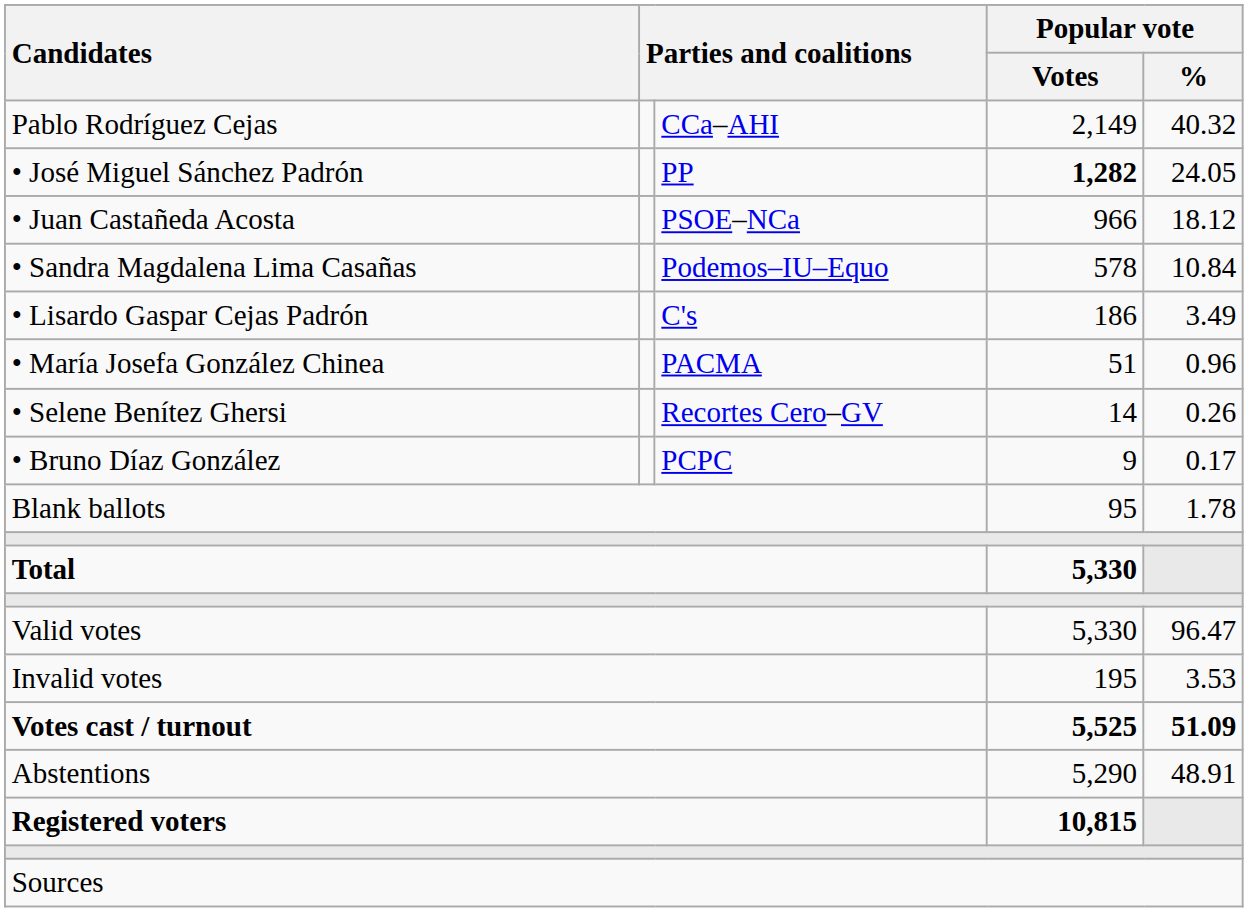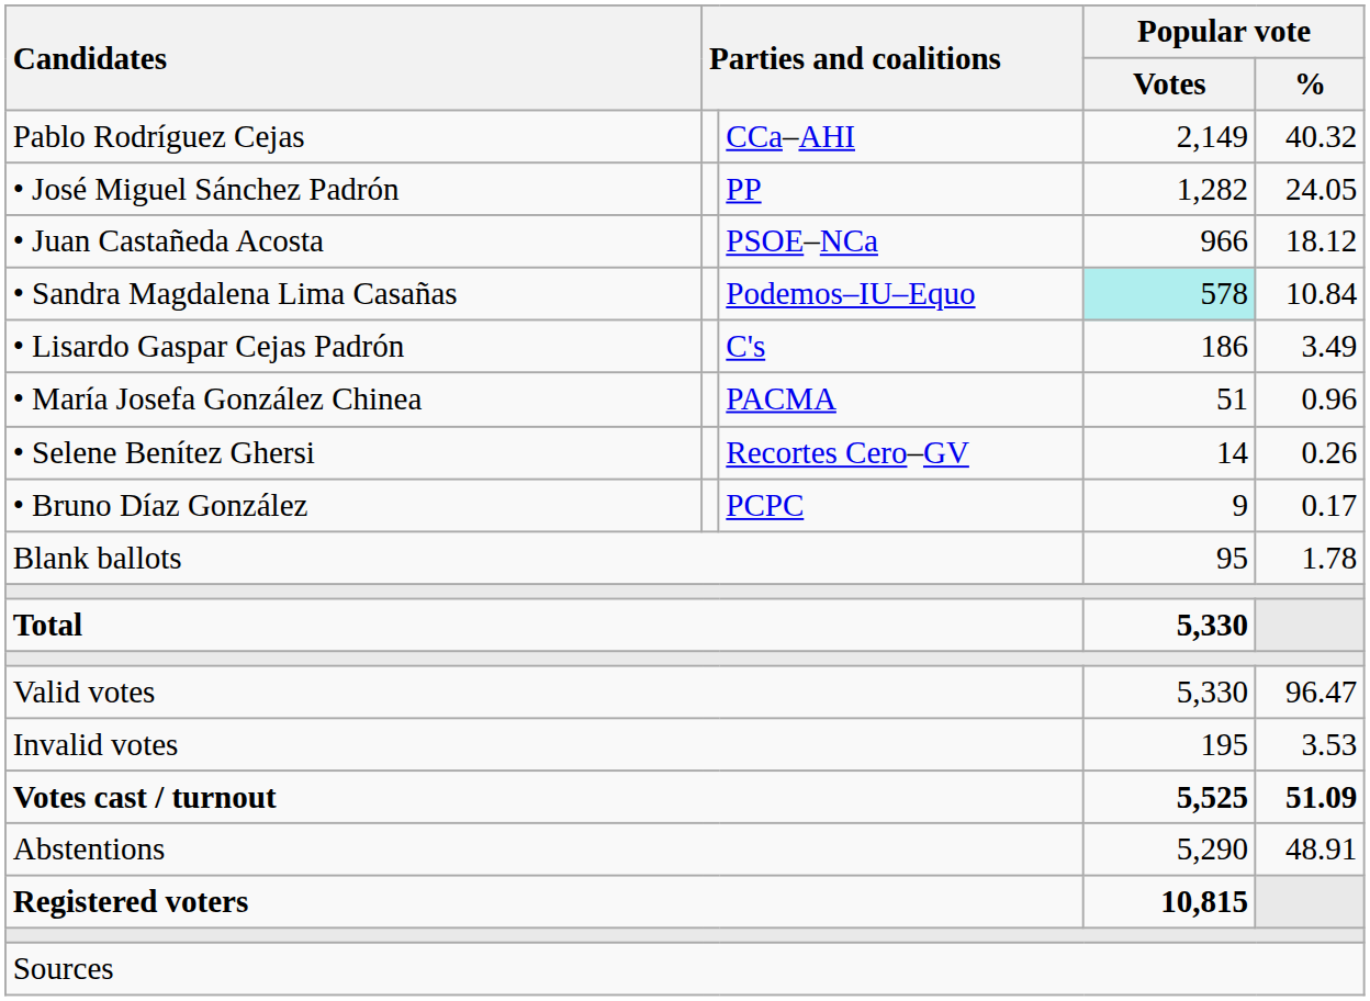 <table class="wikitable" style="text-align:right; font-size:95%;">
 <tr>
 <th style="text-align:left;" rowspan="2" width="325">Candidates</th>
 <th style="text-align:left;" rowspan="2" colspan="2" width="175">Parties and coalitions</th>
 <th colspan="2">Popular vote</th>
 </tr>
 <tr>
 <th width="75">Votes</th>
 <th width="45">%</th>
 </tr>
 <tr>
 <td align="left"> Pablo Rodríguez Cejas</td>
 <td width="1" style="color:inherit;background:"></td>
 <td align="left"><a href='#'>CCa</a>–<a href='#'>AHI</a></td>
 <td>2,149</td>
 <td>40.32</td>
 </tr>
 <tr>
 <td align="left">• José Miguel Sánchez Padrón</td>
 <td style="color:inherit;background:"></td>
 <td align="left"><a href='#'>PP</a></td>
-<td><strong>1,282</strong></td>
+<td>1,282</td>
 <td>24.05</td>
 </tr>
 <tr>
 <td align="left">• Juan Castañeda Acosta</td>
 <td style="color:inherit;background:"></td>
 <td align="left"><a href='#'>PSOE</a>–<a href='#'>NCa</a></td>
 <td>966</td>
 <td>18.12</td>
 </tr>
 <tr>
 <td align="left">• Sandra Magdalena Lima Casañas</td>
 <td style="color:inherit;background:"></td>
 <td align="left"><a href='#'>Podemos–IU–Equo</a></td>
-<td>578</td>
+<td style="background: paleturquoise;">578</td>
 <td>10.84</td>
 </tr>
 <tr>
 <td align="left">• Lisardo Gaspar Cejas Padrón</td>
 <td style="color:inherit;background:"></td>
 <td align="left"><a href='#'>C's</a></td>
 <td>186</td>
 <td>3.49</td>
 </tr>
 <tr>
 <td align="left">• María Josefa González Chinea</td>
 <td style="color:inherit;background:"></td>
 <td align="left"><a href='#'>PACMA</a></td>
 <td>51</td>
 <td>0.96</td>
 </tr>
 <tr>
 <td align="left">• Selene Benítez Ghersi</td>
 <td style="color:inherit;background:"></td>
 <td align="left"><a href='#'>Recortes Cero</a>–<a href='#'>GV</a></td>
 <td>14</td>
 <td>0.26</td>
 </tr>
 <tr>
 <td align="left">• Bruno Díaz González</td>
 <td style="color:inherit;background:"></td>
 <td align="left"><a href='#'>PCPC</a></td>
 <td>9</td>
 <td>0.17</td>
 </tr>
 <tr>
 <td align="left" colspan="3">Blank ballots</td>
 <td>95</td>
 <td>1.78</td>
 </tr>
 <tr>
 <td colspan="5" bgcolor="#E9E9E9"></td>
 </tr>
 <tr style="font-weight:bold;">
 <td align="left" colspan="3">Total</td>
 <td>5,330</td>
 <td bgcolor="#E9E9E9"></td>
 </tr>
 <tr>
 <td colspan="5" bgcolor="#E9E9E9"></td>
 </tr>
 <tr>
 <td align="left" colspan="3">Valid votes</td>
 <td>5,330</td>
 <td>96.47</td>
 </tr>
 <tr>
 <td align="left" colspan="3">Invalid votes</td>
 <td>195</td>
 <td>3.53</td>
 </tr>
 <tr style="font-weight:bold;">
 <td align="left" colspan="3">Votes cast / turnout</td>
 <td>5,525</td>
 <td>51.09</td>
 </tr>
 <tr>
 <td align="left" colspan="3">Abstentions</td>
 <td>5,290</td>
 <td>48.91</td>
 </tr>
 <tr style="font-weight:bold;">
 <td align="left" colspan="3">Registered voters</td>
 <td>10,815</td>
 <td bgcolor="#E9E9E9"></td>
 </tr>
 <tr>
 <td colspan="5" bgcolor="#E9E9E9"></td>
 </tr>
 <tr>
 <td align="left" colspan="5">Sources</td>
 </tr>
 </table>
